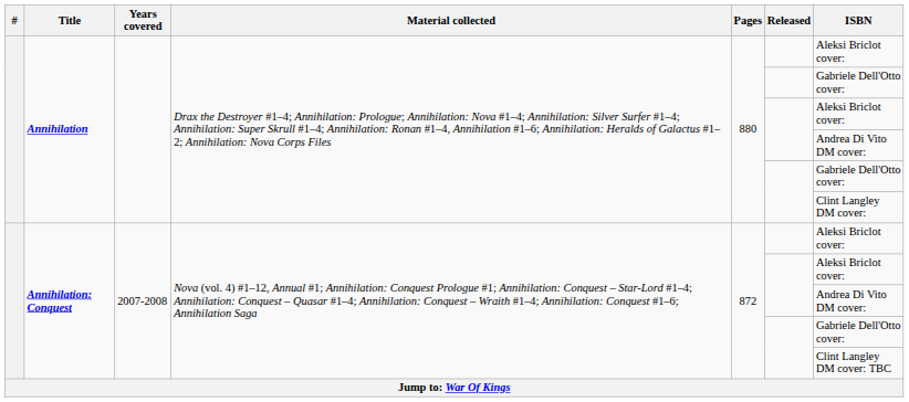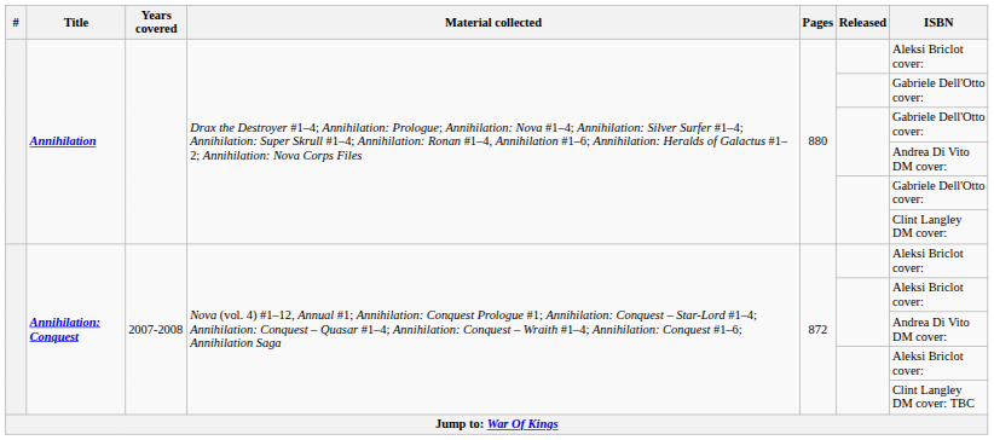 <table class="wikitable sortable" width="99%">
 <tr>
 <th class="unsortable" width="20px">#</th>
 <th>Title</th>
 <th>Years covered</th>
 <th class="unsortable">Material collected</th>
 <th>Pages</th>
 <th>Released</th>
 <th class="unsortable">ISBN</th>
 </tr>
 <tr>
 <th rowspan=6 style="background-color: light grey;"></th>
 <td rowspan=6><strong><em><a href='#'>Annihilation</a></em></strong></td>
 <td rowspan=6></td>
 <td rowspan=6><em>Drax the Destroyer</em> #1–4; <em>Annihilation: Prologue</em>; <em>Annihilation: Nova</em> #1–4; <em>Annihilation: Silver Surfer</em> #1–4; <em>Annihilation: Super Skrull</em> #1–4; <em>Annihilation: Ronan</em> #1–4, <em>Annihilation</em> #1–6; <em>Annihilation: Heralds of Galactus</em> #1–2; <em>Annihilation: Nova Corps Files</em></td>
 <td rowspan=6 style="text-align: center;">880</td>
 <td></td>
 <td>Aleksi Briclot cover: </td>
 </tr>
 <tr>
 <td></td>
 <td>Gabriele Dell'Otto cover: </td>
 </tr>
 <tr>
 <td rowspan=2></td>
-<td>Aleksi Briclot cover: </td>
+<td>Gabriele Dell'Otto cover: </td>
 </tr>
 <tr>
 <td>Andrea Di Vito DM cover: </td>
 </tr>
 <tr>
 <td rowspan=2></td>
 <td>Gabriele Dell'Otto cover: </td>
 </tr>
 <tr>
 <td>Clint Langley DM cover: </td>
 </tr>
 <tr>
 <th rowspan=5 style="background-color: light grey;"></th>
 <td rowspan=5><strong><em><a href='#'>Annihilation: Conquest</a></em></strong></td>
 <td rowspan=5>2007-2008</td>
 <td rowspan=5><em>Nova</em> (vol. 4) #1–12, <em>Annual</em> #1; <em>Annihilation: Conquest Prologue</em> #1; <em>Annihilation: Conquest – Star-Lord</em> #1–4; <em>Annihilation: Conquest – Quasar</em> #1–4; <em>Annihilation: Conquest – Wraith</em> #1–4; <em>Annihilation: Conquest</em> #1–6; <em>Annihilation Saga</em></td>
 <td rowspan=5 style="text-align: center;">872</td>
 <td></td>
 <td>Aleksi Briclot cover: </td>
 </tr>
 <tr>
 <td rowspan=2></td>
 <td>Aleksi Briclot cover: </td>
 </tr>
 <tr>
 <td>Andrea Di Vito DM cover: </td>
 </tr>
 <tr>
 <td rowspan=2></td>
-<td>Gabriele Dell'Otto cover: </td>
+<td>Aleksi Briclot cover: </td>
 </tr>
 <tr>
 <td>Clint Langley DM cover: TBC</td>
 </tr>
 <tr>
 <th colspan=7>Jump to: <em><a href='#'>War Of Kings</a></em></th>
 </tr>
 </table>
